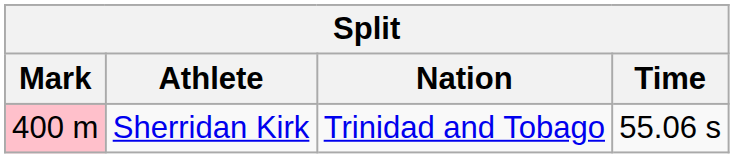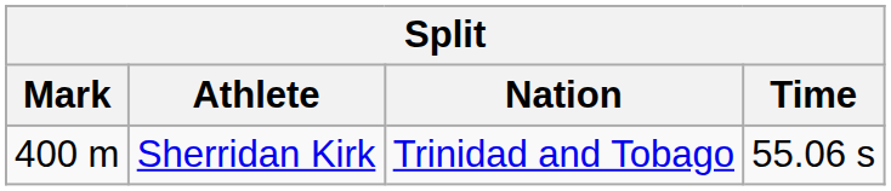 <table class="wikitable">
 <tr>
 <th colspan=4>Split</th>
 </tr>
 <tr>
 <th>Mark</th>
 <th>Athlete</th>
 <th>Nation</th>
 <th>Time</th>
 </tr>
 <tr>
-<td align="center" style="background: pink;">400 m</td>
+<td align="center">400 m</td>
 <td align="left"><a href='#'>Sherridan Kirk</a></td>
 <td align="left"> <a href='#'>Trinidad and Tobago</a></td>
 <td align="center">55.06 s</td>
 </tr>
 </table>
